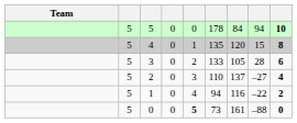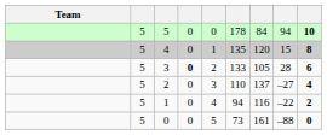 <table class="wikitable" style="text-align: center; font-size:90% ">
 <tr>
 <th width=160>Team</th>
 <th width=25></th>
 <th width=25></th>
 <th width=25></th>
 <th width=25></th>
 <th width=25></th>
 <th width=25></th>
 <th width=25></th>
 <th width=25></th>
 </tr>
 <tr bgcolor=#ccffcc>
 <td align=left></td>
 <td>5</td>
 <td>5</td>
 <td>0</td>
 <td>0</td>
 <td>178</td>
 <td>84</td>
 <td>94</td>
 <td><strong>10</strong></td>
 </tr>
 <tr bgcolor=#cccccc>
 <td align=left></td>
 <td>5</td>
 <td>4</td>
 <td>0</td>
 <td>1</td>
 <td>135</td>
 <td>120</td>
 <td>15</td>
 <td><strong>8</strong></td>
 </tr>
 <tr>
 <td align=left></td>
 <td>5</td>
 <td>3</td>
-<td>0</td>
+<td><strong>0</strong></td>
 <td>2</td>
 <td>133</td>
 <td>105</td>
 <td>28</td>
 <td><strong>6</strong></td>
 </tr>
 <tr>
 <td align=left></td>
 <td>5</td>
 <td>2</td>
 <td>0</td>
 <td>3</td>
 <td>110</td>
 <td>137</td>
 <td>–27</td>
 <td><strong>4</strong></td>
 </tr>
 <tr>
 <td align=left></td>
 <td>5</td>
 <td>1</td>
 <td>0</td>
 <td>4</td>
 <td>94</td>
 <td>116</td>
 <td>–22</td>
 <td><strong>2</strong></td>
 </tr>
 <tr>
 <td align=left></td>
 <td>5</td>
 <td>0</td>
 <td>0</td>
-<td><strong>5</strong></td>
+<td>5</td>
 <td>73</td>
 <td>161</td>
 <td>–88</td>
 <td><strong>0</strong></td>
 </tr>
 </table>
